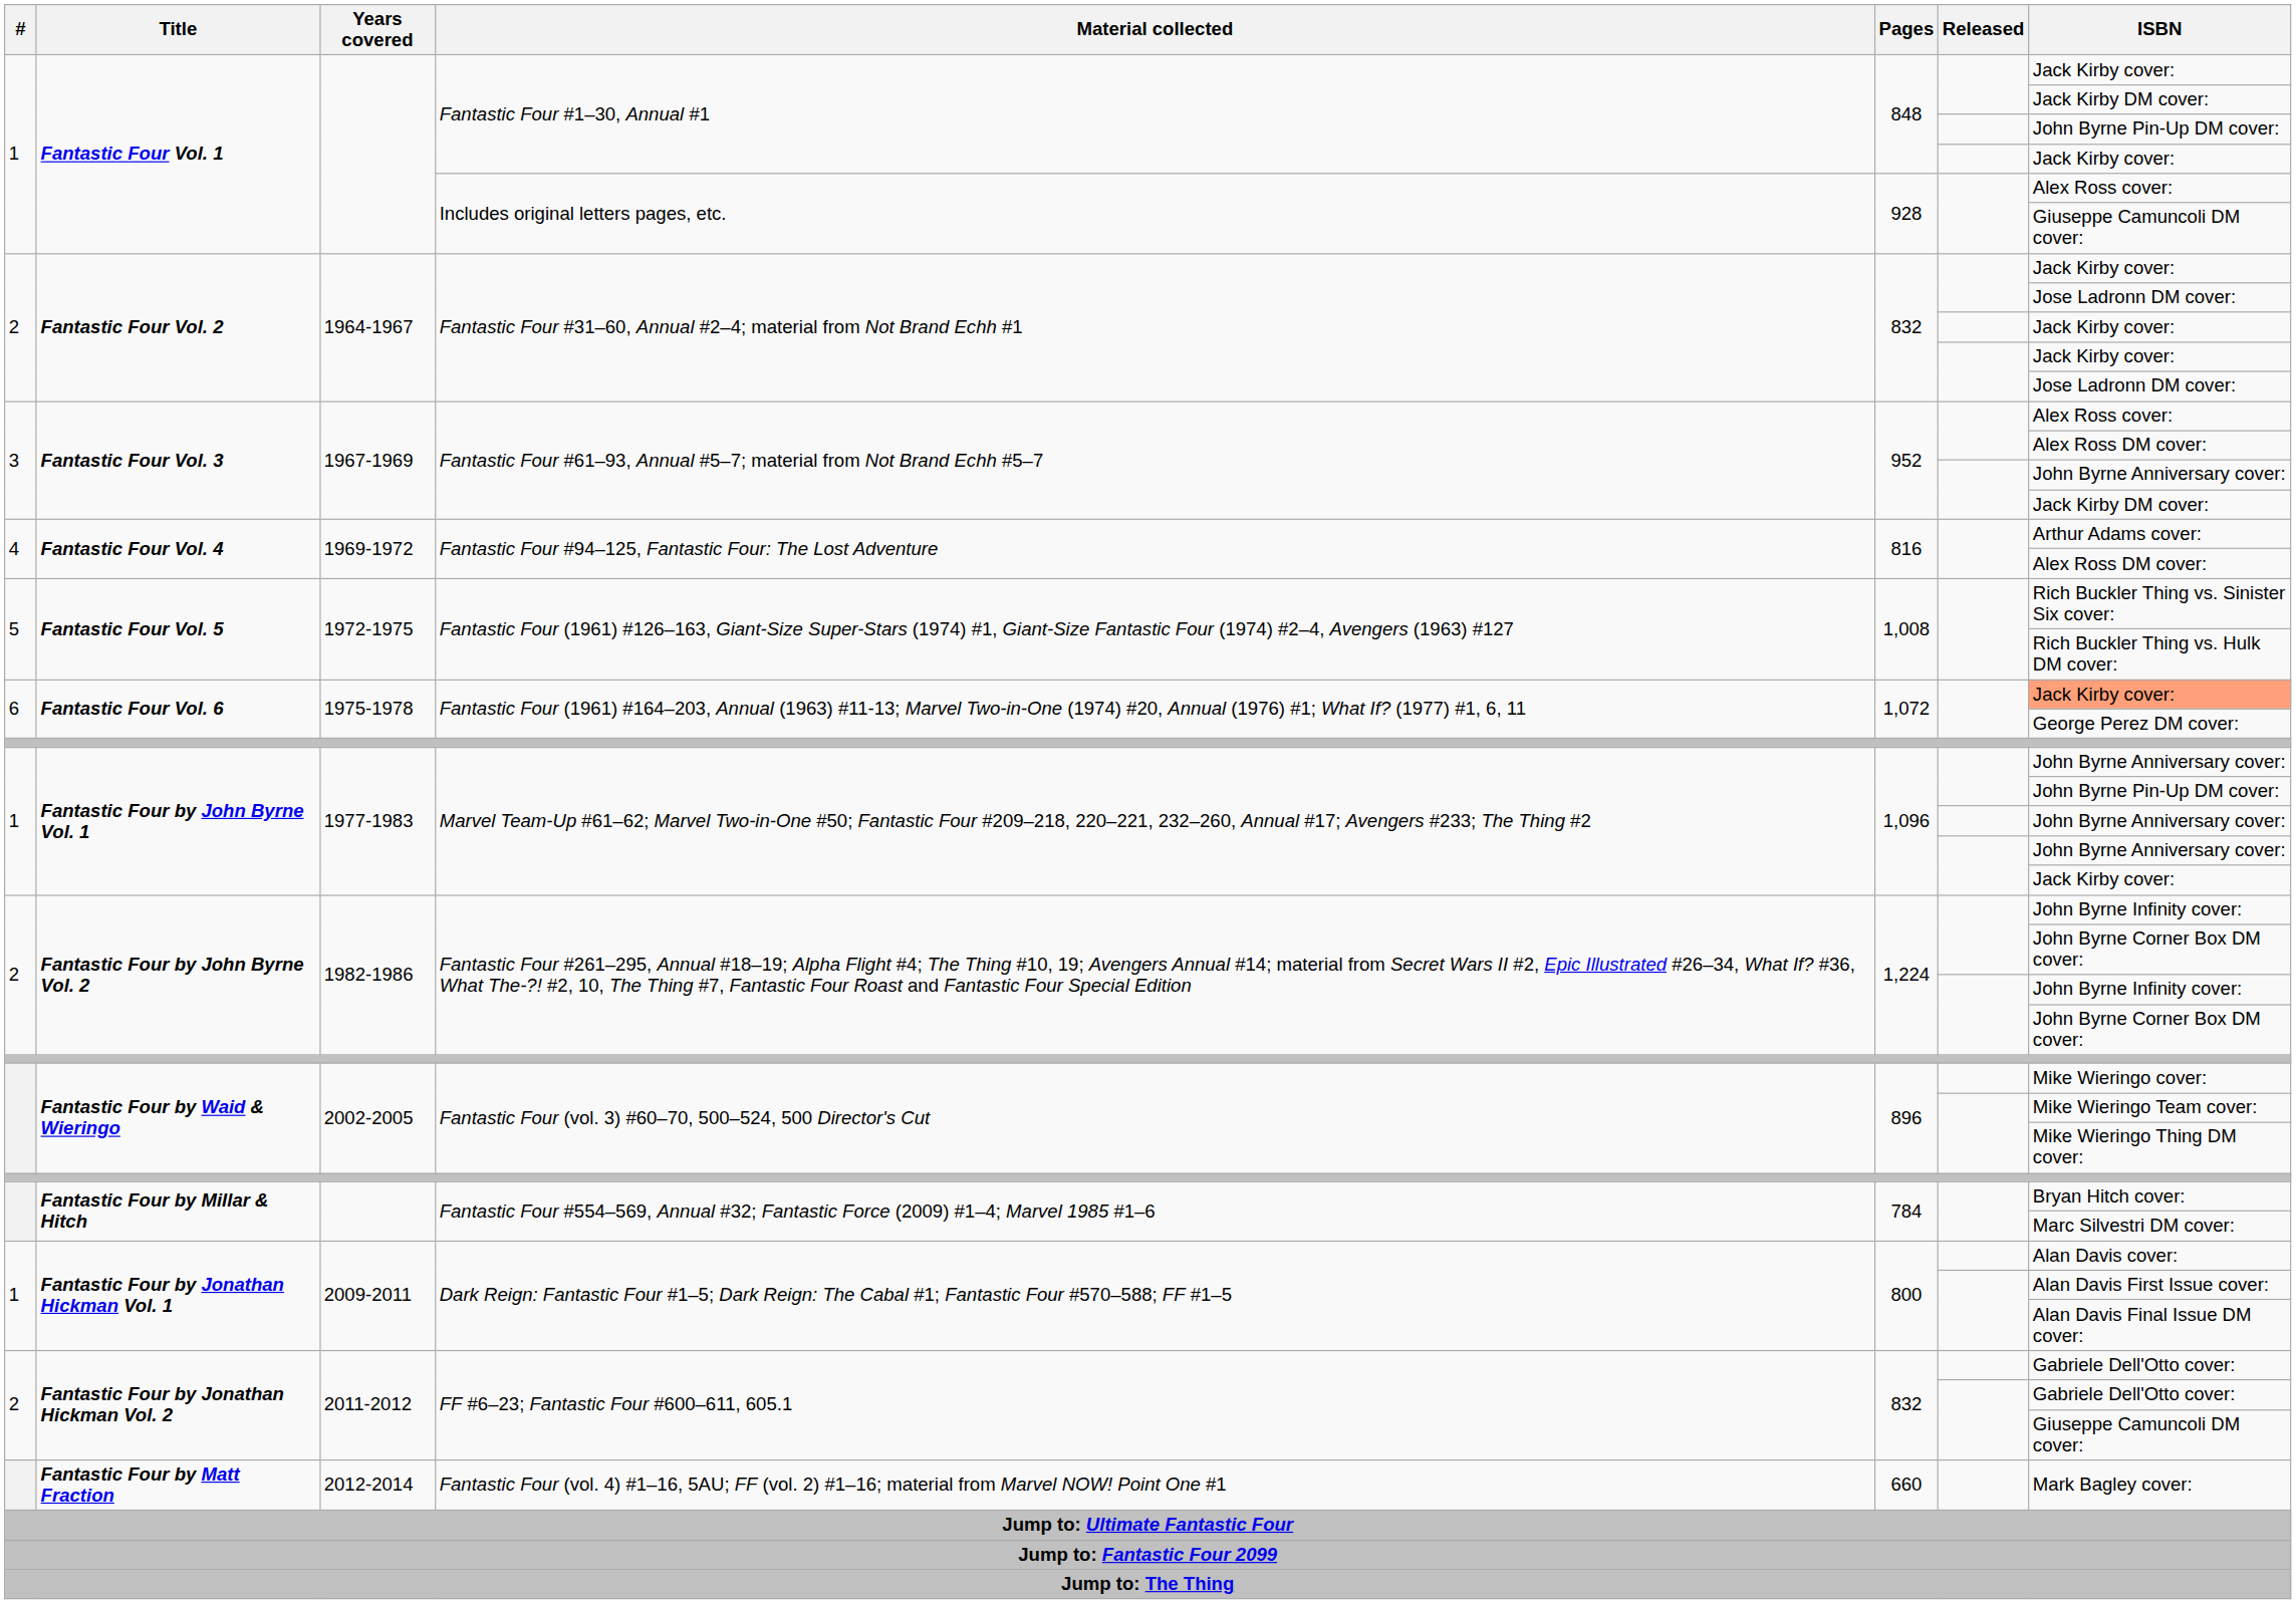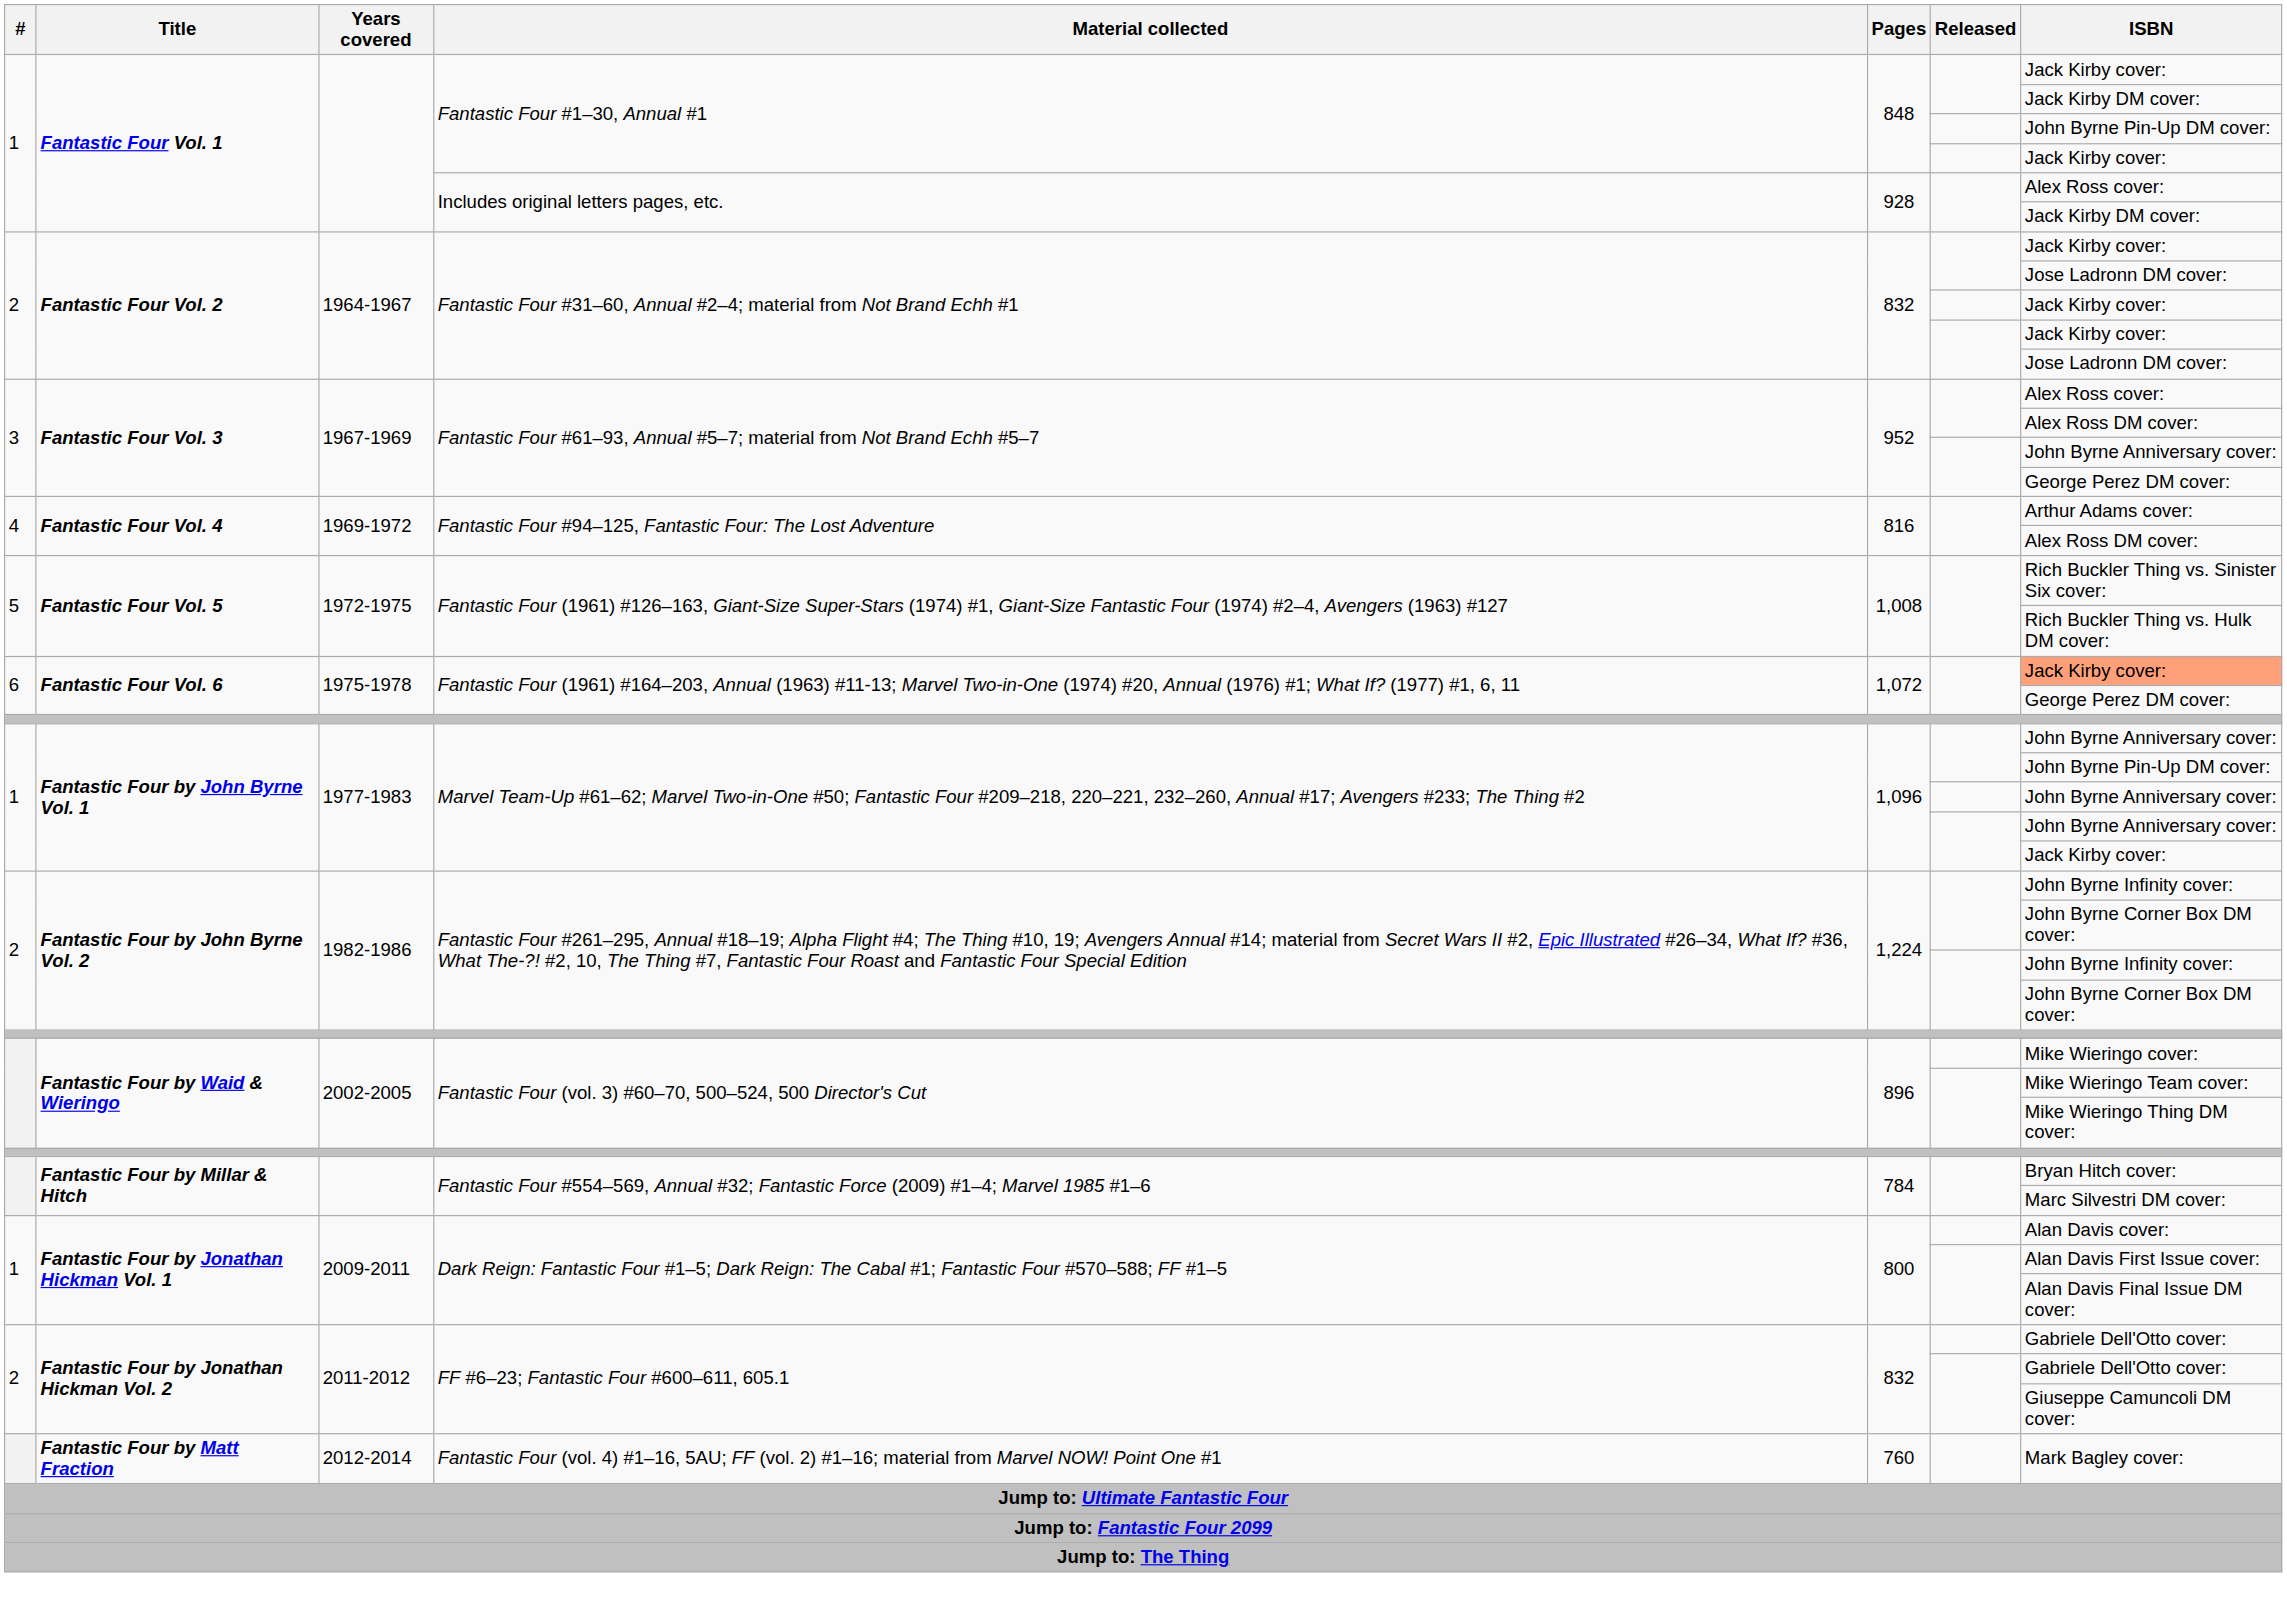 <table class="wikitable sortable" width="99%">
 <tr>
 <th class="unsortable" width="20px">#</th>
 <th>Title</th>
 <th>Years covered</th>
 <th class="unsortable">Material collected</th>
 <th>Pages</th>
 <th>Released</th>
 <th class="unsortable">ISBN</th>
 </tr>
 <tr>
 <td rowspan="6">1</td>
 <td rowspan="6"><strong><em><a href='#'>Fantastic Four</a> Vol. 1</em></strong></td>
 <td rowspan="6"></td>
 <td rowspan="4"><em>Fantastic Four</em> #1–30, <em>Annual</em> #1</td>
 <td rowspan="4" style="text-align: center;">848</td>
 <td rowspan="2"></td>
 <td>Jack Kirby cover: </td>
 </tr>
 <tr>
 <td>Jack Kirby DM cover: </td>
 </tr>
 <tr>
 <td></td>
 <td>John Byrne Pin-Up DM cover: </td>
 </tr>
 <tr>
 <td></td>
 <td>Jack Kirby cover: </td>
 </tr>
 <tr>
 <td rowspan="2">Includes original letters pages, etc.</td>
 <td rowspan="2" style="text-align: center;">928</td>
 <td rowspan="2"></td>
 <td>Alex Ross cover: </td>
 </tr>
 <tr>
-<td>Giuseppe Camuncoli DM cover: </td>
+<td>Jack Kirby DM cover: </td>
 </tr>
 <tr>
 <td rowspan="5">2</td>
 <td rowspan="5"><strong><em>Fantastic Four Vol. 2</em></strong></td>
 <td rowspan="5">1964-1967</td>
 <td rowspan="5"><em>Fantastic Four</em> #31–60, <em>Annual</em> #2–4; material from <em>Not Brand Echh</em> #1</td>
 <td rowspan="5" style="text-align: center;">832</td>
 <td rowspan="2"></td>
 <td>Jack Kirby cover: </td>
 </tr>
 <tr>
 <td>Jose Ladronn DM cover: </td>
 </tr>
 <tr>
 <td></td>
 <td>Jack Kirby cover: </td>
 </tr>
 <tr>
 <td rowspan="2"></td>
 <td>Jack Kirby cover: </td>
 </tr>
 <tr>
 <td>Jose Ladronn DM cover: </td>
 </tr>
 <tr>
 <td rowspan="4">3</td>
 <td rowspan="4"><strong><em>Fantastic Four Vol. 3</em></strong></td>
 <td rowspan="4">1967-1969</td>
 <td rowspan="4"><em>Fantastic Four</em> #61–93, <em>Annual</em> #5–7; material from <em>Not Brand Echh</em> #5–7</td>
 <td rowspan="4" style="text-align: center;">952</td>
 <td rowspan="2"></td>
 <td>Alex Ross cover: </td>
 </tr>
 <tr>
 <td>Alex Ross DM cover: </td>
 </tr>
 <tr>
 <td rowspan="2"></td>
 <td>John Byrne Anniversary cover: </td>
 </tr>
 <tr>
-<td>Jack Kirby DM cover: </td>
+<td>George Perez DM cover: </td>
 </tr>
 <tr>
 <td rowspan="2">4</td>
 <td rowspan="2"><strong><em>Fantastic Four Vol. 4</em></strong></td>
 <td rowspan="2">1969-1972</td>
 <td rowspan="2"><em>Fantastic Four</em> #94–125, <em>Fantastic Four: The Lost Adventure</em></td>
 <td rowspan="2" style="text-align: center;">816</td>
 <td rowspan="2"></td>
 <td>Arthur Adams cover: </td>
 </tr>
 <tr>
 <td>Alex Ross DM cover: </td>
 </tr>
 <tr>
 <td rowspan="2">5</td>
 <td rowspan="2"><strong><em>Fantastic Four Vol. 5</em></strong></td>
 <td rowspan="2">1972-1975</td>
 <td rowspan="2"><em>Fantastic Four</em> (1961) #126–163, <em>Giant-Size Super-Stars</em> (1974) #1, <em>Giant-Size Fantastic Four</em> (1974) #2–4, <em>Avengers</em> (1963) #127</td>
 <td rowspan="2" style="text-align: center;">1,008</td>
 <td rowspan="2"></td>
 <td>Rich Buckler Thing vs. Sinister Six cover: </td>
 </tr>
 <tr>
 <td>Rich Buckler Thing vs. Hulk DM cover: </td>
 </tr>
 <tr>
 <td rowspan="2">6</td>
 <td rowspan="2"><strong><em>Fantastic Four Vol. 6</em></strong></td>
 <td rowspan="2">1975-1978</td>
 <td rowspan="2"><em>Fantastic Four</em> (1961) #164–203, <em>Annual</em> (1963) #11-13; <em>Marvel Two-in-One</em> (1974) #20, <em>Annual</em> (1976) #1; <em>What If?</em> (1977) #1, 6, 11</td>
 <td rowspan="2" style="text-align: center;">1,072</td>
 <td rowspan="2"></td>
 <td style="background: lightsalmon;">Jack Kirby cover: </td>
 </tr>
 <tr>
 <td>George Perez DM cover: </td>
 </tr>
 <tr>
 <th colspan="7" style="background-color: silver;"></th>
 </tr>
 <tr>
 <td rowspan="5">1</td>
 <td rowspan="5"><strong><em>Fantastic Four by <a href='#'>John Byrne</a> Vol. 1</em></strong></td>
 <td rowspan="5">1977-1983</td>
 <td rowspan="5"><em>Marvel Team-Up</em> #61–62; <em>Marvel Two-in-One</em> #50; <em>Fantastic Four</em> #209–218, 220–221, 232–260, <em>Annual</em> #17; <em>Avengers</em> #233; <em>The Thing</em> #2</td>
 <td rowspan="5" style="text-align: center;">1,096</td>
 <td rowspan="2"></td>
 <td>John Byrne Anniversary cover: </td>
 </tr>
 <tr>
 <td>John Byrne Pin-Up DM cover: </td>
 </tr>
 <tr>
 <td></td>
 <td>John Byrne Anniversary cover: </td>
 </tr>
 <tr>
 <td rowspan="2"></td>
 <td>John Byrne Anniversary cover: </td>
 </tr>
 <tr>
 <td>Jack Kirby cover: </td>
 </tr>
 <tr>
 <td rowspan="4">2</td>
 <td rowspan="4"><strong><em>Fantastic Four by John Byrne Vol. 2</em></strong></td>
 <td rowspan="4">1982-1986</td>
 <td rowspan="4"><em>Fantastic Four</em> #261–295, <em>Annual</em> #18–19; <em>Alpha Flight</em> #4; <em>The Thing</em> #10, 19; <em>Avengers Annual</em> #14; material from <em>Secret Wars II</em> #2, <em><a href='#'>Epic Illustrated</a></em> #26–34, <em>What If?</em> #36, <em>What The-?!</em> #2, 10, <em>The Thing</em> #7, <em>Fantastic Four Roast</em> and <em>Fantastic Four Special Edition</em></td>
 <td rowspan="4" style="text-align: center;">1,224</td>
 <td rowspan="2"></td>
 <td>John Byrne Infinity cover: </td>
 </tr>
 <tr>
 <td>John Byrne Corner Box DM cover: </td>
 </tr>
 <tr>
 <td rowspan="2"></td>
 <td>John Byrne Infinity cover: </td>
 </tr>
 <tr>
 <td>John Byrne Corner Box DM cover: </td>
 </tr>
 <tr>
 <th colspan="7" style="background-color: silver;"></th>
 </tr>
 <tr>
 <th rowspan="3" style="background-color: light grey;"></th>
 <td rowspan="3"><strong><em>Fantastic Four by <a href='#'>Waid</a> & <a href='#'>Wieringo</a></em></strong></td>
 <td rowspan="3">2002-2005</td>
 <td rowspan="3"><em>Fantastic Four</em> (vol. 3) #60–70, 500–524, 500 <em>Director's Cut</em></td>
 <td rowspan="3" style="text-align: center;">896</td>
 <td></td>
 <td>Mike Wieringo cover: </td>
 </tr>
 <tr>
 <td rowspan="2"></td>
 <td>Mike Wieringo Team cover: </td>
 </tr>
 <tr>
 <td>Mike Wieringo Thing DM cover: </td>
 </tr>
 <tr>
 <th colspan="7" style="background-color: silver;"></th>
 </tr>
 <tr>
 <th rowspan="2" style="background-color: light grey;"></th>
 <td rowspan="2"><strong><em>Fantastic Four by Millar & Hitch</em></strong></td>
 <td rowspan="2"></td>
 <td rowspan="2"><em>Fantastic Four</em> #554–569, <em>Annual</em> #32; <em>Fantastic Force</em> (2009) #1–4; <em>Marvel 1985</em> #1–6</td>
 <td rowspan="2" style="text-align: center;">784</td>
 <td rowspan="2"></td>
 <td>Bryan Hitch cover: </td>
 </tr>
 <tr>
 <td>Marc Silvestri DM cover: </td>
 </tr>
 <tr>
 <td rowspan="3">1</td>
 <td rowspan="3"><strong><em>Fantastic Four by <a href='#'>Jonathan Hickman</a> Vol. 1</em></strong></td>
 <td rowspan="3">2009-2011</td>
 <td rowspan="3"><em>Dark Reign: Fantastic Four</em> #1–5; <em>Dark Reign: The Cabal</em> #1; <em>Fantastic Four</em> #570–588; <em>FF</em> #1–5</td>
 <td rowspan="3" style="text-align: center;">800</td>
 <td></td>
 <td>Alan Davis cover: </td>
 </tr>
 <tr>
 <td rowspan="2"></td>
 <td>Alan Davis First Issue cover: </td>
 </tr>
 <tr>
 <td>Alan Davis Final Issue DM cover: </td>
 </tr>
 <tr>
 <td rowspan="3">2</td>
 <td rowspan="3"><strong><em>Fantastic Four by Jonathan Hickman Vol. 2</em></strong></td>
 <td rowspan="3">2011-2012</td>
 <td rowspan="3"><em>FF</em> #6–23; <em>Fantastic Four</em> #600–611, 605.1</td>
 <td rowspan="3" style="text-align: center;">832</td>
 <td></td>
 <td>Gabriele Dell'Otto cover: </td>
 </tr>
 <tr>
 <td rowspan="2"></td>
 <td>Gabriele Dell'Otto cover: </td>
 </tr>
 <tr>
 <td>Giuseppe Camuncoli DM cover: </td>
 </tr>
 <tr>
 <th style="background-color: light grey;"></th>
 <td><strong><em>Fantastic Four by <a href='#'>Matt Fraction</a></em></strong></td>
 <td>2012-2014</td>
 <td><em>Fantastic Four</em> (vol. 4) #1–16, 5AU; <em>FF</em> (vol. 2) #1–16; material from <em>Marvel NOW! Point One</em> #1</td>
-<td style="text-align: center;">660</td>
+<td style="text-align: center;">760</td>
 <td></td>
 <td>Mark Bagley cover: </td>
 </tr>
 <tr>
 <th colspan="7" style="background-color: silver;">Jump to: <em><a href='#'>Ultimate Fantastic Four</a></em></th>
 </tr>
 <tr>
 <th colspan="7" style="background-color: silver;">Jump to: <em><a href='#'>Fantastic Four 2099</a></em></th>
 </tr>
 <tr>
 <th colspan="7" style="background-color: silver;">Jump to: <a href='#'>The Thing</a></th>
 </tr>
 </table>
